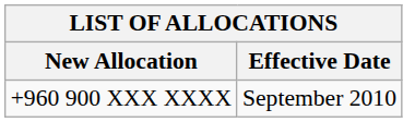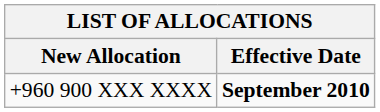 <table class="wikitable" border=1>
 <tr>
 <th colspan="2">LIST OF ALLOCATIONS</th>
 </tr>
 <tr>
 <th>New Allocation</th>
 <th>Effective Date</th>
 </tr>
 <tr>
 <td>+960 900 XXX XXXX</td>
-<td>September 2010</td>
+<td><strong>September 2010</strong></td>
 </tr>
 </table>
